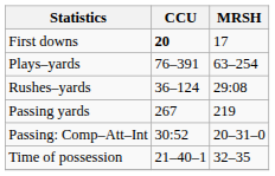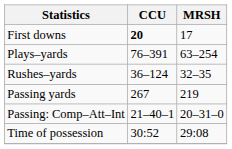 <table class="wikitable" style="float: left;">
 <tr>
 <th>Statistics</th>
 <th>CCU</th>
 <th>MRSH</th>
 </tr>
 <tr>
 <td>First downs</td>
 <td><strong>20</strong></td>
 <td>17</td>
 </tr>
 <tr>
 <td>Plays–yards</td>
 <td>76–391</td>
 <td>63–254</td>
 </tr>
 <tr>
 <td>Rushes–yards</td>
 <td>36–124</td>
-<td>29:08</td>
+<td>32–35</td>
 </tr>
 <tr>
 <td>Passing yards</td>
 <td>267</td>
 <td>219</td>
 </tr>
 <tr>
 <td>Passing: Comp–Att–Int</td>
-<td>30:52</td>
+<td>21–40–1</td>
 <td>20–31–0</td>
 </tr>
 <tr>
 <td>Time of possession</td>
-<td>21–40–1</td>
-<td>32–35</td>
+<td>30:52</td>
+<td>29:08</td>
 </tr>
 <tr>
 </tr>
 </table>
